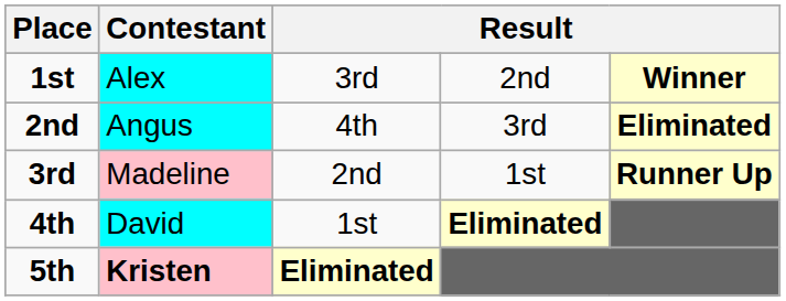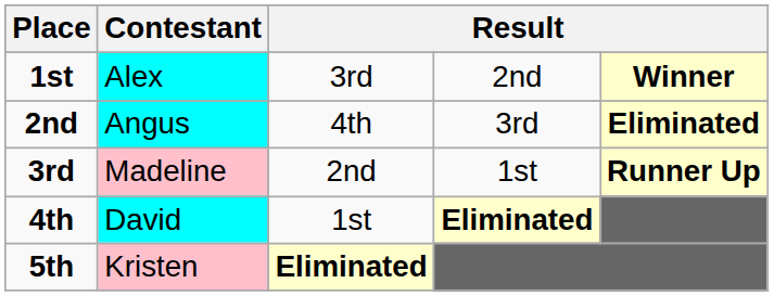 <table class="wikitable">
 <tr>
 <th>Place</th>
 <th>Contestant</th>
 <th colspan="14" align="center">Result</th>
 </tr>
 <tr>
 <td align="center"><strong>1st</strong></td>
 <td bgcolor="cyan">Alex</td>
 <td align="center">3rd</td>
 <td align="center">2nd</td>
 <td bgcolor="FFFFCC" align="center"><strong>Winner</strong></td>
 </tr>
 <tr>
 <td align="center"><strong>2nd</strong></td>
 <td bgcolor="cyan">Angus</td>
 <td align="center">4th</td>
 <td align="center">3rd</td>
 <td bgcolor="FFFFCC" align="center"><strong>Eliminated</strong></td>
 </tr>
 <tr>
 <td align="center"><strong>3rd</strong></td>
 <td bgcolor="pink">Madeline</td>
 <td align="center">2nd</td>
 <td align="center">1st</td>
 <td bgcolor="FFFFCC" align="center"><strong>Runner Up</strong></td>
 </tr>
 <tr>
 <td align="center"><strong>4th</strong></td>
 <td bgcolor="cyan">David</td>
 <td align="center">1st</td>
 <td bgcolor="FFFFCC" align="center"><strong>Eliminated</strong></td>
 <td colspan="1" bgcolor="666666"></td>
 </tr>
 <tr>
 <td align="center"><strong>5th</strong></td>
-<td bgcolor="pink"><strong>Kristen</strong></td>
+<td bgcolor="pink">Kristen</td>
 <td bgcolor="FFFFCC" align="center"><strong>Eliminated</strong></td>
 <td colspan="2" bgcolor="666666"></td>
 </tr>
 </table>
